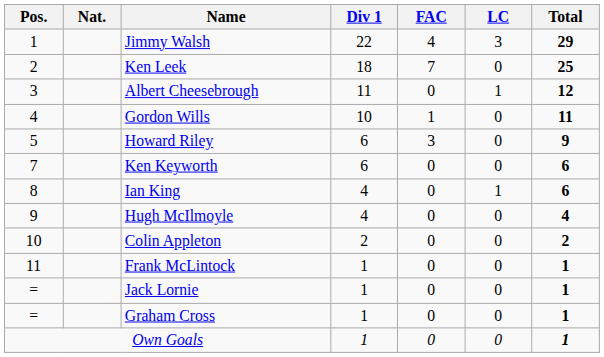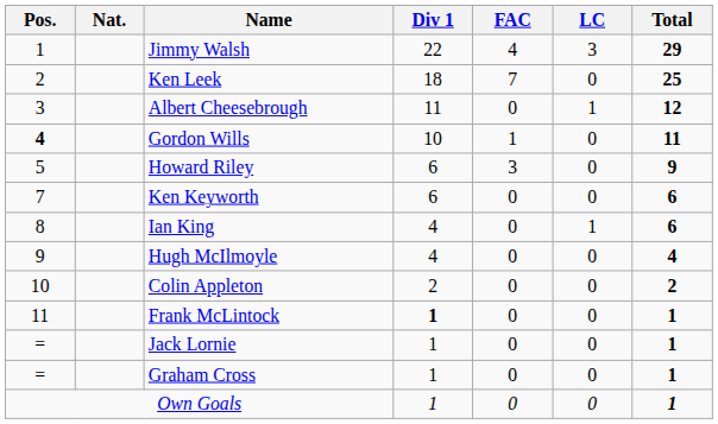 <table class="wikitable sortable">
 <tr>
 <th width=55>Pos.</th>
 <th width=55>Nat.</th>
 <th width=220>Name</th>
 <th width=65><a href='#'>Div 1</a></th>
 <th width=65><a href='#'>FAC</a></th>
 <th width=65><a href='#'>LC</a></th>
 <th width=65>Total</th>
 </tr>
 <tr>
 <td align=center>1</td>
 <td align=center></td>
 <td><a href='#'>Jimmy Walsh</a></td>
 <td align=center>22</td>
 <td align=center>4</td>
 <td align=center>3</td>
 <td align=center><strong>29</strong></td>
 </tr>
 <tr>
 <td align=center>2</td>
 <td align=center></td>
 <td><a href='#'>Ken Leek</a></td>
 <td align=center>18</td>
 <td align=center>7</td>
 <td align=center>0</td>
 <td align=center><strong>25</strong></td>
 </tr>
 <tr>
 <td align=center>3</td>
 <td align=center></td>
 <td><a href='#'>Albert Cheesebrough</a></td>
 <td align=center>11</td>
 <td align=center>0</td>
 <td align=center>1</td>
 <td align=center><strong>12</strong></td>
 </tr>
 <tr>
-<td align=center>4</td>
+<td align=center><strong>4</strong></td>
 <td align=center></td>
 <td><a href='#'>Gordon Wills</a></td>
 <td align=center>10</td>
 <td align=center>1</td>
 <td align=center>0</td>
 <td align=center><strong>11</strong></td>
 </tr>
 <tr>
 <td align=center>5</td>
 <td align=center></td>
 <td><a href='#'>Howard Riley</a></td>
 <td align=center>6</td>
 <td align=center>3</td>
 <td align=center>0</td>
 <td align=center><strong>9</strong></td>
 </tr>
 <tr>
 <td align=center>7</td>
 <td align=center></td>
 <td><a href='#'>Ken Keyworth</a></td>
 <td align=center>6</td>
 <td align=center>0</td>
 <td align=center>0</td>
 <td align=center><strong>6</strong></td>
 </tr>
 <tr>
 <td align=center>8</td>
 <td align=center></td>
 <td><a href='#'>Ian King</a></td>
 <td align=center>4</td>
 <td align=center>0</td>
 <td align=center>1</td>
 <td align=center><strong>6</strong></td>
 </tr>
 <tr>
 <td align=center>9</td>
 <td align=center></td>
 <td><a href='#'>Hugh McIlmoyle</a></td>
 <td align=center>4</td>
 <td align=center>0</td>
 <td align=center>0</td>
 <td align=center><strong>4</strong></td>
 </tr>
 <tr>
 <td align=center>10</td>
 <td align=center></td>
 <td><a href='#'>Colin Appleton</a></td>
 <td align=center>2</td>
 <td align=center>0</td>
 <td align=center>0</td>
 <td align=center><strong>2</strong></td>
 </tr>
 <tr>
 <td align=center>11</td>
 <td align=center></td>
 <td><a href='#'>Frank McLintock</a></td>
-<td align=center>1</td>
+<td align=center><strong>1</strong></td>
 <td align=center>0</td>
 <td align=center>0</td>
 <td align=center><strong>1</strong></td>
 </tr>
 <tr>
 <td align=center>=</td>
 <td align=center></td>
 <td><a href='#'>Jack Lornie</a></td>
 <td align=center>1</td>
 <td align=center>0</td>
 <td align=center>0</td>
 <td align=center><strong>1</strong></td>
 </tr>
 <tr>
 <td align=center>=</td>
 <td align=center></td>
 <td><a href='#'>Graham Cross</a></td>
 <td align=center>1</td>
 <td align=center>0</td>
 <td align=center>0</td>
 <td align=center><strong>1</strong></td>
 </tr>
 <tr>
 <td colspan="3" align=center><em><a href='#'>Own Goals</a></em></td>
 <td align=center><em>1</em></td>
 <td align=center><em>0</em></td>
 <td align=center><em>0</em></td>
 <td align=center><strong><em>1</em></strong></td>
 </tr>
 </table>
